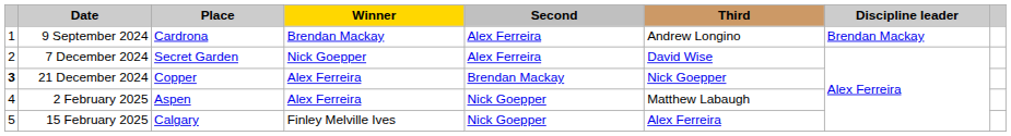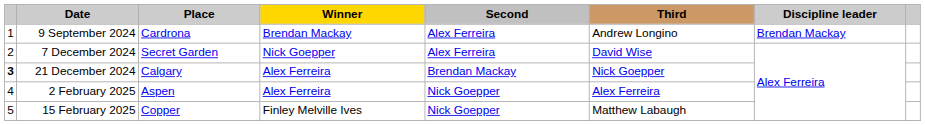 <table class="wikitable plainrowheaders" style="background:#fff; font-size:86%; line-height:16px; border:grey solid 1px; border-collapse:collapse;">
 <tr>
 <th scope="col" style="background:#ccc; width=10 px;"></th>
 <th scope="col" style="background:#ccc; width:135px;">Date</th>
 <th scope="col" style="background:#ccc; width:135px;">Place</th>
 <th scope="col" style="background:gold; width:185px;">Winner</th>
 <th scope="col" style="background:silver; width:185px;">Second</th>
 <th scope="col" style="background:#c96; width:185px;">Third</th>
 <th scope="col" style="background:#ccc; width:170px;">Discipline leader</th>
 <th scope="col" style="background:#ccc; width:10px;"></th>
 </tr>
 <tr>
 <td align="center">1</td>
 <td align="right">9 September 2024</td>
 <td> <a href='#'>Cardrona</a></td>
 <td> <a href='#'>Brendan Mackay</a></td>
 <td> <a href='#'>Alex Ferreira</a></td>
 <td> Andrew Longino</td>
 <td> <a href='#'>Brendan Mackay</a></td>
 <td></td>
 </tr>
 <tr>
 <td align="center">2</td>
 <td align="right">7 December 2024</td>
 <td> <a href='#'>Secret Garden</a></td>
 <td> <a href='#'>Nick Goepper</a></td>
 <td> <a href='#'>Alex Ferreira</a></td>
 <td> <a href='#'>David Wise</a></td>
 <td rowspan="4"> <a href='#'>Alex Ferreira</a></td>
 <td></td>
 </tr>
 <tr>
 <td align="center"><strong>3</strong></td>
 <td align="right">21 December 2024</td>
-<td> <a href='#'>Copper</a></td>
+<td> <a href='#'>Calgary</a></td>
 <td> <a href='#'>Alex Ferreira</a></td>
 <td> <a href='#'>Brendan Mackay</a></td>
 <td> <a href='#'>Nick Goepper</a></td>
 <td></td>
 </tr>
 <tr>
 <td align="center">4</td>
 <td align="right">2 February 2025</td>
 <td> <a href='#'>Aspen</a></td>
 <td> <a href='#'>Alex Ferreira</a></td>
 <td> <a href='#'>Nick Goepper</a></td>
-<td> Matthew Labaugh</td>
+<td> <a href='#'>Alex Ferreira</a></td>
 <td></td>
 </tr>
 <tr>
 <td align="center">5</td>
 <td align="right">15 February 2025</td>
-<td> <a href='#'>Calgary</a></td>
+<td> <a href='#'>Copper</a></td>
 <td> Finley Melville Ives</td>
 <td> <a href='#'>Nick Goepper</a></td>
-<td> <a href='#'>Alex Ferreira</a></td>
+<td> Matthew Labaugh</td>
 <td></td>
 </tr>
 </table>
